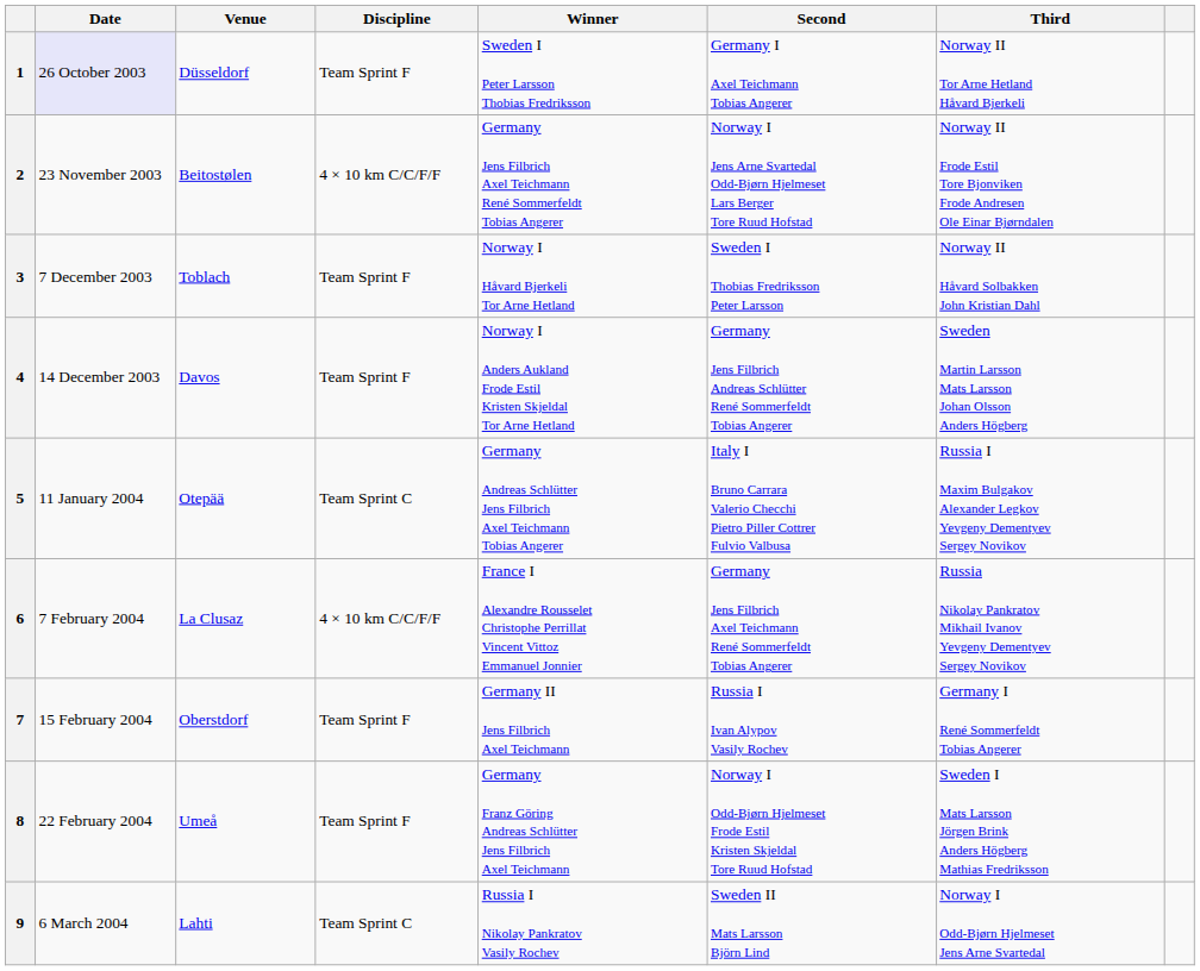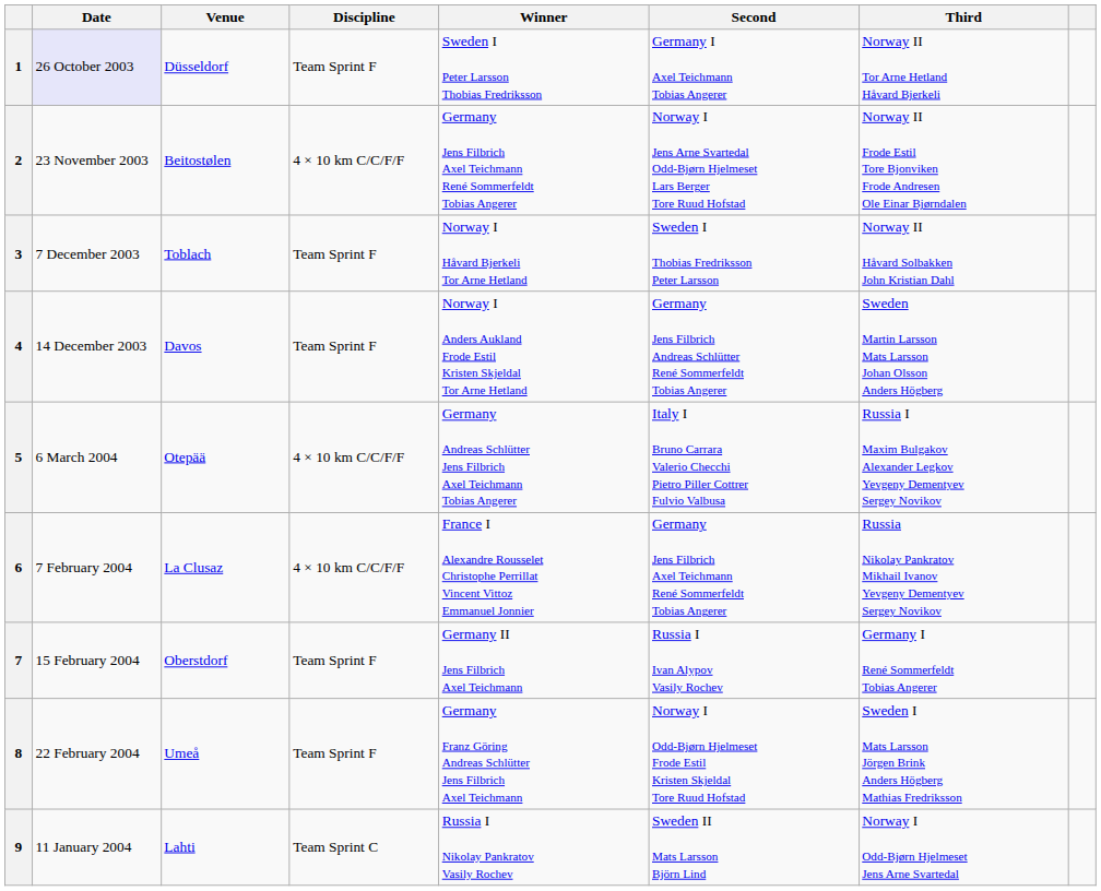 <table class="wikitable" style="font-size: 90%">
 <tr>
 <th width="20"></th>
 <th width="120">Date</th>
 <th width="120">Venue</th>
 <th width="140">Discipline</th>
 <th width="200">Winner</th>
 <th width="200">Second</th>
 <th width="200">Third</th>
 <th width="20"></th>
 </tr>
 <tr>
 <th>1</th>
 <td style="background: lavender;">26 October 2003</td>
 <td> <a href='#'>Düsseldorf</a></td>
 <td>Team Sprint F</td>
 <td> <a href='#'>Sweden</a> I<br><br><small><a href='#'>Peter Larsson</a></small><br> <small><a href='#'>Thobias Fredriksson</a></small></td>
 <td> <a href='#'>Germany</a> I<br><br><small><a href='#'>Axel Teichmann</a></small><br> <small><a href='#'>Tobias Angerer</a></small></td>
 <td> <a href='#'>Norway</a> II<br><br><small><a href='#'>Tor Arne Hetland</a></small><br> <small><a href='#'>Håvard Bjerkeli</a></small></td>
 <td></td>
 </tr>
 <tr>
 <th>2</th>
 <td>23 November 2003</td>
 <td> <a href='#'>Beitostølen</a></td>
 <td>4 × 10 km C/C/F/F</td>
 <td> <a href='#'>Germany</a><br><br><small><a href='#'>Jens Filbrich</a></small><br> <small><a href='#'>Axel Teichmann</a></small><br> <small><a href='#'>René Sommerfeldt</a></small><br> <small><a href='#'>Tobias Angerer</a></small></td>
 <td> <a href='#'>Norway</a> I<br><br><small><a href='#'>Jens Arne Svartedal</a></small><br> <small><a href='#'>Odd-Bjørn Hjelmeset</a></small><br> <small><a href='#'>Lars Berger</a></small><br> <small><a href='#'>Tore Ruud Hofstad</a></small></td>
 <td> <a href='#'>Norway</a> II<br><br><small><a href='#'>Frode Estil</a></small><br> <small><a href='#'>Tore Bjonviken</a></small><br> <small><a href='#'>Frode Andresen</a></small><br> <small><a href='#'>Ole Einar Bjørndalen</a></small></td>
 <td></td>
 </tr>
 <tr>
 <th>3</th>
 <td>7 December 2003</td>
 <td> <a href='#'>Toblach</a></td>
 <td>Team Sprint F</td>
 <td> <a href='#'>Norway</a> I<br><br><small><a href='#'>Håvard Bjerkeli</a></small><br> <small><a href='#'>Tor Arne Hetland</a></small></td>
 <td> <a href='#'>Sweden</a> I<br><br><small><a href='#'>Thobias Fredriksson</a></small><br> <small><a href='#'>Peter Larsson</a></small></td>
 <td> <a href='#'>Norway</a> II<br><br><small><a href='#'>Håvard Solbakken</a></small><br> <small><a href='#'>John Kristian Dahl</a></small></td>
 <td></td>
 </tr>
 <tr>
 <th>4</th>
 <td>14 December 2003</td>
 <td> <a href='#'>Davos</a></td>
 <td>Team Sprint F</td>
 <td> <a href='#'>Norway</a> I<br><br><small><a href='#'>Anders Aukland</a></small><br> <small><a href='#'>Frode Estil</a></small><br> <small><a href='#'>Kristen Skjeldal</a></small><br> <small><a href='#'>Tor Arne Hetland</a></small></td>
 <td> <a href='#'>Germany</a><br><br><small><a href='#'>Jens Filbrich</a></small><br> <small><a href='#'>Andreas Schlütter</a></small><br> <small><a href='#'>René Sommerfeldt</a></small><br> <small><a href='#'>Tobias Angerer</a></small></td>
 <td> <a href='#'>Sweden</a><br><br><small><a href='#'>Martin Larsson</a></small><br> <small><a href='#'>Mats Larsson</a></small><br> <small><a href='#'>Johan Olsson</a></small><br> <small><a href='#'>Anders Högberg</a></small></td>
 <td></td>
 </tr>
 <tr>
 <th>5</th>
-<td>11 January 2004</td>
+<td>6 March 2004</td>
 <td> <a href='#'>Otepää</a></td>
-<td>Team Sprint C</td>
+<td>4 × 10 km C/C/F/F</td>
 <td> <a href='#'>Germany</a><br><br><small><a href='#'>Andreas Schlütter</a></small><br> <small><a href='#'>Jens Filbrich</a></small><br> <small><a href='#'>Axel Teichmann</a></small><br> <small><a href='#'>Tobias Angerer</a></small></td>
 <td> <a href='#'>Italy</a> I<br><br><small><a href='#'>Bruno Carrara</a></small><br> <small><a href='#'>Valerio Checchi</a></small><br> <small><a href='#'>Pietro Piller Cottrer</a></small><br> <small><a href='#'>Fulvio Valbusa</a></small></td>
 <td> <a href='#'>Russia</a> I<br><br><small><a href='#'>Maxim Bulgakov</a></small><br> <small><a href='#'>Alexander Legkov</a></small><br> <small><a href='#'>Yevgeny Dementyev</a></small><br> <small><a href='#'>Sergey Novikov</a></small></td>
 <td></td>
 </tr>
 <tr>
 <th>6</th>
 <td>7 February 2004</td>
 <td> <a href='#'>La Clusaz</a></td>
 <td>4 × 10 km C/C/F/F</td>
 <td> <a href='#'>France</a> I<br><br><small><a href='#'>Alexandre Rousselet</a></small><br> <small><a href='#'>Christophe Perrillat</a></small><br> <small><a href='#'>Vincent Vittoz</a></small><br> <small><a href='#'>Emmanuel Jonnier</a></small></td>
 <td> <a href='#'>Germany</a><br><br><small><a href='#'>Jens Filbrich</a></small><br> <small><a href='#'>Axel Teichmann</a></small><br> <small><a href='#'>René Sommerfeldt</a></small><br> <small><a href='#'>Tobias Angerer</a></small></td>
 <td> <a href='#'>Russia</a><br><br><small><a href='#'>Nikolay Pankratov</a></small><br> <small><a href='#'>Mikhail Ivanov</a></small><br> <small><a href='#'>Yevgeny Dementyev</a></small><br> <small><a href='#'>Sergey Novikov</a></small></td>
 <td></td>
 </tr>
 <tr>
 <th>7</th>
 <td>15 February 2004</td>
 <td> <a href='#'>Oberstdorf</a></td>
 <td>Team Sprint F</td>
 <td> <a href='#'>Germany</a> II<br><br><small><a href='#'>Jens Filbrich</a></small><br> <small><a href='#'>Axel Teichmann</a></small></td>
 <td> <a href='#'>Russia</a> I<br><br><small><a href='#'>Ivan Alypov</a></small><br> <small><a href='#'>Vasily Rochev</a></small></td>
 <td> <a href='#'>Germany</a> I<br><br><small><a href='#'>René Sommerfeldt</a></small><br> <small><a href='#'>Tobias Angerer</a></small></td>
 <td></td>
 </tr>
 <tr>
 <th>8</th>
 <td>22 February 2004</td>
 <td> <a href='#'>Umeå</a></td>
 <td>Team Sprint F</td>
 <td> <a href='#'>Germany</a><br><br><small><a href='#'>Franz Göring</a></small><br> <small><a href='#'>Andreas Schlütter</a></small><br> <small><a href='#'>Jens Filbrich</a></small><br> <small><a href='#'>Axel Teichmann</a></small></td>
 <td> <a href='#'>Norway</a> I<br><br><small><a href='#'>Odd-Bjørn Hjelmeset</a></small><br> <small><a href='#'>Frode Estil</a></small><br> <small><a href='#'>Kristen Skjeldal</a></small><br> <small><a href='#'>Tore Ruud Hofstad</a></small></td>
 <td> <a href='#'>Sweden</a> I<br><br><small><a href='#'>Mats Larsson</a></small><br> <small><a href='#'>Jörgen Brink</a></small><br> <small><a href='#'>Anders Högberg</a></small><br> <small><a href='#'>Mathias Fredriksson</a></small></td>
 <td></td>
 </tr>
 <tr>
 <th>9</th>
-<td>6 March 2004</td>
+<td>11 January 2004</td>
 <td> <a href='#'>Lahti</a></td>
 <td>Team Sprint C</td>
 <td> <a href='#'>Russia</a> I<br><br><small><a href='#'>Nikolay Pankratov</a></small><br> <small><a href='#'>Vasily Rochev</a></small></td>
 <td> <a href='#'>Sweden</a> II<br><br><small><a href='#'>Mats Larsson</a></small><br> <small><a href='#'>Björn Lind</a></small></td>
 <td> <a href='#'>Norway</a> I<br><br><small><a href='#'>Odd-Bjørn Hjelmeset</a></small><br> <small><a href='#'>Jens Arne Svartedal</a></small></td>
 <td></td>
 </tr>
 </table>
